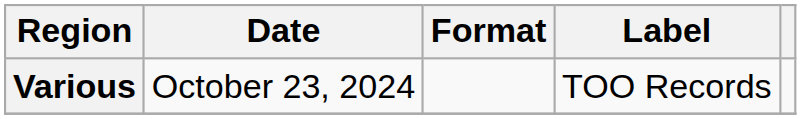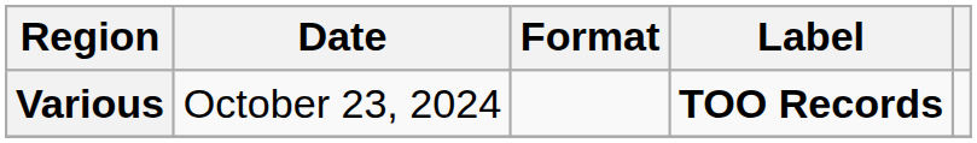 <table class="wikitable plainrowheaders">
 <tr>
 <th scope="col">Region</th>
 <th scope="col">Date</th>
 <th scope="col">Format</th>
 <th scope="col">Label</th>
 <th scope="col"></th>
 </tr>
 <tr>
 <th scope="row">Various</th>
 <td>October 23, 2024</td>
 <td></td>
-<td>TOO Records</td>
+<td><strong>TOO Records</strong></td>
 <td style="text-align:center"></td>
 </tr>
 <tr>
 </tr>
 </table>
